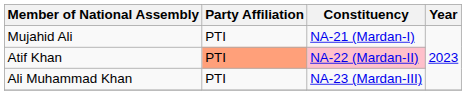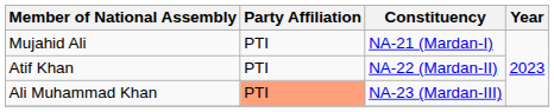 <table class="wikitable sortable">
 <tr>
 <th>Member of National Assembly</th>
 <th>Party Affiliation</th>
 <th>Constituency</th>
 <th>Year</th>
 </tr>
 <tr>
 <td>Mujahid Ali</td>
 <td>PTI</td>
 <td><a href='#'>NA-21 (Mardan-I)</a></td>
 <td rowspan="3"><a href='#'>2023</a></td>
 </tr>
 <tr>
 <td>Atif Khan</td>
-<td style="background: lightsalmon;">PTI</td>
-<td style="background: pink;"><a href='#'>NA-22 (Mardan-II)</a></td>
+<td>PTI</td>
+<td><a href='#'>NA-22 (Mardan-II)</a></td>
 </tr>
 <tr>
 <td>Ali Muhammad Khan</td>
-<td>PTI</td>
+<td style="background: lightsalmon;">PTI</td>
 <td><a href='#'>NA-23 (Mardan-III)</a></td>
 </tr>
 <tr>
 </tr>
 </table>
